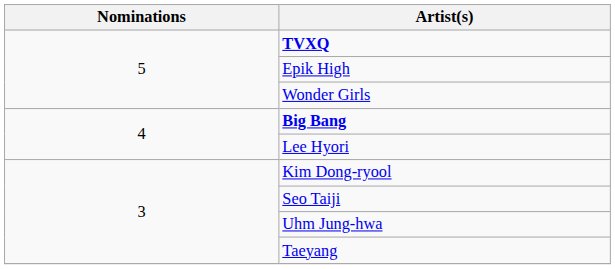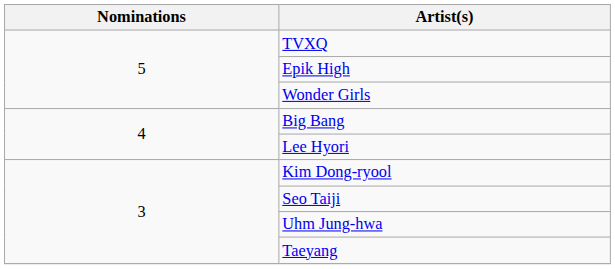 <table class="wikitable"  style="width:30%;">
 <tr>
 <th scope="col">Nominations</th>
 <th scope="col">Artist(s)</th>
 </tr>
 <tr>
 <td align=center rowspan=3>5</td>
-<td><strong><a href='#'>TVXQ</a></strong></td>
+<td><a href='#'>TVXQ</a></td>
 </tr>
 <tr>
 <td><a href='#'>Epik High</a></td>
 </tr>
 <tr>
 <td><a href='#'>Wonder Girls</a></td>
 </tr>
 <tr>
 <td align=center rowspan=2>4</td>
-<td><strong><a href='#'>Big Bang</a></strong></td>
+<td><a href='#'>Big Bang</a></td>
 </tr>
 <tr>
 <td><a href='#'>Lee Hyori</a></td>
 </tr>
 <tr>
 <td align=center rowspan=4>3</td>
 <td><a href='#'>Kim Dong-ryool</a></td>
 </tr>
 <tr>
 <td><a href='#'>Seo Taiji</a></td>
 </tr>
 <tr>
 <td><a href='#'>Uhm Jung-hwa</a></td>
 </tr>
 <tr>
 <td><a href='#'>Taeyang</a></td>
 </tr>
 <tr>
 </tr>
 </table>
